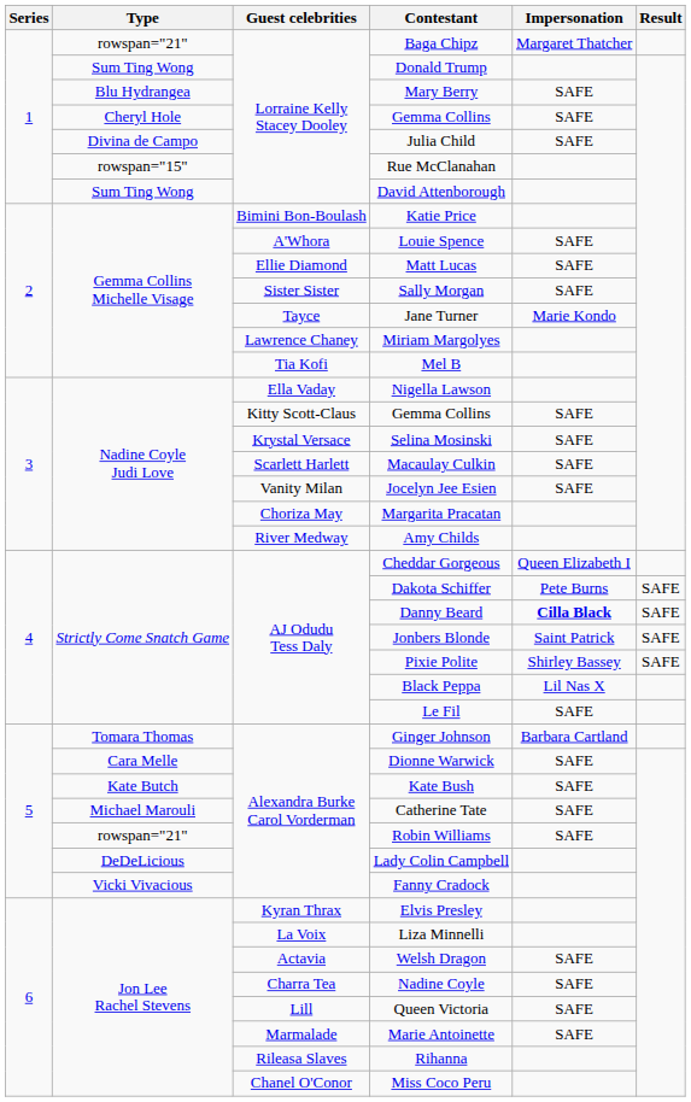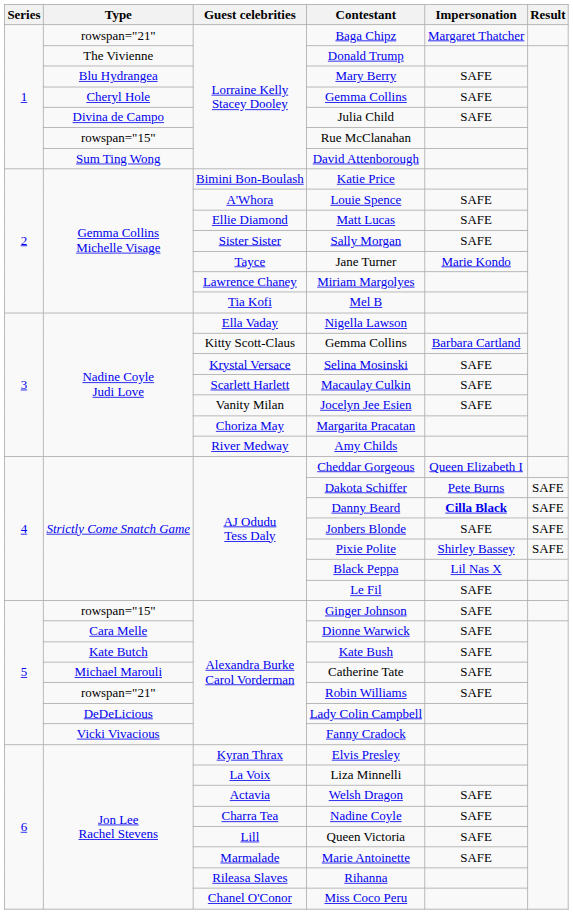 <table class="wikitable" style="text-align:center">
 <tr>
 <th>Series</th>
 <th>Type</th>
 <th>Guest celebrities</th>
 <th>Contestant</th>
 <th>Impersonation</th>
 <th>Result</th>
 </tr>
 <tr>
 <td rowspan="7"><a href='#'>1</a></td>
 <td>rowspan="21" </td>
 <td rowspan="7"><a href='#'>Lorraine Kelly</a><br><a href='#'>Stacey Dooley</a></td>
 <td><a href='#'>Baga Chipz</a></td>
 <td><a href='#'>Margaret Thatcher</a></td>
 <td></td>
 </tr>
 <tr>
-<td><a href='#'>Sum Ting Wong</a></td>
+<td>The Vivienne</td>
 <td><a href='#'>Donald Trump</a></td>
 <td></td>
 </tr>
 <tr>
 <td><a href='#'>Blu Hydrangea</a></td>
 <td><a href='#'>Mary Berry</a></td>
 <td>SAFE</td>
 </tr>
 <tr>
 <td><a href='#'>Cheryl Hole</a></td>
 <td><a href='#'>Gemma Collins</a></td>
 <td>SAFE</td>
 </tr>
 <tr>
 <td><a href='#'>Divina de Campo</a></td>
 <td>Julia Child</td>
 <td>SAFE</td>
 </tr>
 <tr>
 <td>rowspan="15" </td>
 <td>Rue McClanahan</td>
 <td></td>
 </tr>
 <tr>
 <td><a href='#'>Sum Ting Wong</a></td>
 <td><a href='#'>David Attenborough</a></td>
 <td></td>
 </tr>
 <tr>
 <td rowspan="7"><a href='#'>2</a></td>
 <td rowspan="7"><a href='#'>Gemma Collins</a><br><a href='#'>Michelle Visage</a></td>
 <td nowrap><a href='#'>Bimini Bon-Boulash</a></td>
 <td><a href='#'>Katie Price</a></td>
 <td></td>
 </tr>
 <tr>
 <td><a href='#'>A'Whora</a></td>
 <td><a href='#'>Louie Spence</a></td>
 <td>SAFE</td>
 </tr>
 <tr>
 <td><a href='#'>Ellie Diamond</a></td>
 <td><a href='#'>Matt Lucas</a></td>
 <td>SAFE</td>
 </tr>
 <tr>
 <td><a href='#'>Sister Sister</a></td>
 <td><a href='#'>Sally Morgan</a></td>
 <td>SAFE</td>
 </tr>
 <tr>
 <td><a href='#'>Tayce</a></td>
 <td>Jane Turner</td>
 <td><a href='#'>Marie Kondo</a></td>
 </tr>
 <tr>
 <td><a href='#'>Lawrence Chaney</a></td>
 <td><a href='#'>Miriam Margolyes</a></td>
 <td></td>
 </tr>
 <tr>
 <td><a href='#'>Tia Kofi</a></td>
 <td><a href='#'>Mel B</a></td>
 <td></td>
 </tr>
 <tr>
 <td rowspan="7"><a href='#'>3</a></td>
 <td rowspan="7"><a href='#'>Nadine Coyle</a><br><a href='#'>Judi Love</a></td>
 <td><a href='#'>Ella Vaday</a></td>
 <td><a href='#'>Nigella Lawson</a></td>
 <td></td>
 </tr>
 <tr>
 <td>Kitty Scott-Claus</td>
 <td>Gemma Collins</td>
-<td>SAFE</td>
+<td><a href='#'>Barbara Cartland</a></td>
 </tr>
 <tr>
 <td><a href='#'>Krystal Versace</a></td>
 <td><a href='#'>Selina Mosinski</a></td>
 <td>SAFE</td>
 </tr>
 <tr>
 <td><a href='#'>Scarlett Harlett</a></td>
 <td><a href='#'>Macaulay Culkin</a></td>
 <td>SAFE</td>
 </tr>
 <tr>
 <td>Vanity Milan</td>
 <td nowrap><a href='#'>Jocelyn Jee Esien</a></td>
 <td>SAFE</td>
 </tr>
 <tr>
 <td><a href='#'>Choriza May</a></td>
 <td><a href='#'>Margarita Pracatan</a></td>
 <td></td>
 </tr>
 <tr>
 <td><a href='#'>River Medway</a></td>
 <td><a href='#'>Amy Childs</a></td>
 <td></td>
 </tr>
 <tr>
 <td rowspan="7"><a href='#'>4</a></td>
 <td rowspan="7"><em><a href='#'>Strictly Come Snatch Game</a></em></td>
 <td rowspan="7"><a href='#'>AJ Odudu</a><br><a href='#'>Tess Daly</a></td>
 <td><a href='#'>Cheddar Gorgeous</a></td>
 <td><a href='#'>Queen Elizabeth I</a></td>
 <td></td>
 </tr>
 <tr>
 <td><a href='#'>Dakota Schiffer</a></td>
 <td><a href='#'>Pete Burns</a></td>
 <td>SAFE</td>
 </tr>
 <tr>
 <td><a href='#'>Danny Beard</a></td>
 <td><strong><a href='#'>Cilla Black</a></strong></td>
 <td>SAFE</td>
 </tr>
 <tr>
 <td><a href='#'>Jonbers Blonde</a></td>
-<td><a href='#'>Saint Patrick</a></td>
+<td>SAFE</td>
 <td>SAFE</td>
 </tr>
 <tr>
 <td><a href='#'>Pixie Polite</a></td>
 <td><a href='#'>Shirley Bassey</a></td>
 <td>SAFE</td>
 </tr>
 <tr>
 <td><a href='#'>Black Peppa</a></td>
 <td><a href='#'>Lil Nas X</a></td>
 <td></td>
 </tr>
 <tr>
 <td><a href='#'>Le Fil</a></td>
 <td>SAFE</td>
 <td></td>
 </tr>
 <tr>
 <td rowspan="7"><a href='#'>5</a></td>
-<td><a href='#'>Tomara Thomas</a></td>
+<td>rowspan="15" </td>
 <td rowspan="7"><a href='#'>Alexandra Burke</a><br><a href='#'>Carol Vorderman</a></td>
 <td><a href='#'>Ginger Johnson</a></td>
-<td><a href='#'>Barbara Cartland</a></td>
+<td>SAFE</td>
 <td></td>
 </tr>
 <tr>
 <td><a href='#'>Cara Melle</a></td>
 <td><a href='#'>Dionne Warwick</a></td>
 <td>SAFE</td>
 </tr>
 <tr>
 <td><a href='#'>Kate Butch</a></td>
 <td><a href='#'>Kate Bush</a></td>
 <td>SAFE</td>
 </tr>
 <tr>
 <td><a href='#'>Michael Marouli</a></td>
 <td>Catherine Tate</td>
 <td>SAFE</td>
 </tr>
 <tr>
 <td>rowspan="21" </td>
 <td><a href='#'>Robin Williams</a></td>
 <td>SAFE</td>
 </tr>
 <tr>
 <td><a href='#'>DeDeLicious</a></td>
 <td nowrap><a href='#'>Lady Colin Campbell</a></td>
 <td></td>
 </tr>
 <tr>
 <td><a href='#'>Vicki Vivacious</a></td>
 <td><a href='#'>Fanny Cradock</a></td>
 <td></td>
 </tr>
 <tr>
 <td rowspan="8"><a href='#'>6</a></td>
 <td rowspan="8"><a href='#'>Jon Lee</a><br><a href='#'>Rachel Stevens</a></td>
 <td><a href='#'>Kyran Thrax</a></td>
 <td><a href='#'>Elvis Presley</a></td>
 <td></td>
 </tr>
 <tr>
 <td><a href='#'>La Voix</a></td>
 <td>Liza Minnelli</td>
 <td></td>
 </tr>
 <tr>
 <td><a href='#'>Actavia</a></td>
 <td><a href='#'>Welsh Dragon</a></td>
 <td>SAFE</td>
 </tr>
 <tr>
 <td><a href='#'>Charra Tea</a></td>
 <td><a href='#'>Nadine Coyle</a></td>
 <td>SAFE</td>
 </tr>
 <tr>
 <td><a href='#'>Lill</a></td>
 <td>Queen Victoria</td>
 <td>SAFE</td>
 </tr>
 <tr>
 <td><a href='#'>Marmalade</a></td>
 <td><a href='#'>Marie Antoinette</a></td>
 <td>SAFE</td>
 </tr>
 <tr>
 <td><a href='#'>Rileasa Slaves</a></td>
 <td><a href='#'>Rihanna</a></td>
 <td></td>
 </tr>
 <tr>
 <td><a href='#'>Chanel O'Conor</a></td>
 <td><a href='#'>Miss Coco Peru</a></td>
 <td></td>
 </tr>
 </table>
